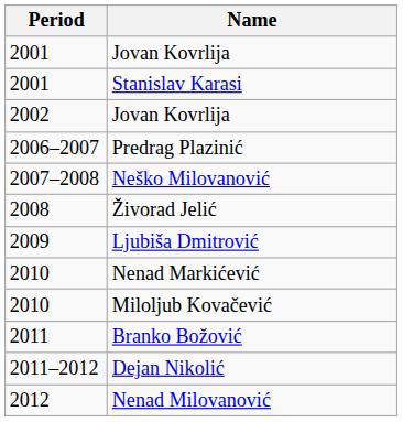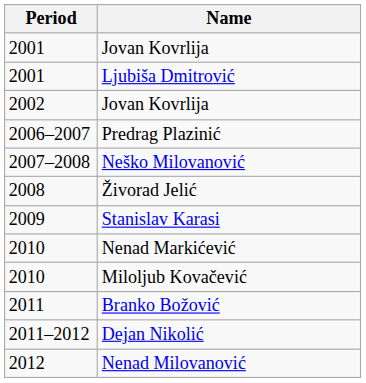 <table class="wikitable">
 <tr>
 <th width="75">Period</th>
 <th width="225">Name</th>
 </tr>
 <tr>
 <td>2001</td>
 <td> Jovan Kovrlija</td>
 </tr>
 <tr>
 <td>2001</td>
-<td> <a href='#'>Stanislav Karasi</a></td>
+<td> <a href='#'>Ljubiša Dmitrović</a></td>
 </tr>
 <tr>
 <td>2002</td>
 <td> Jovan Kovrlija</td>
 </tr>
 <tr>
 <td>2006–2007</td>
 <td> Predrag Plazinić</td>
 </tr>
 <tr>
 <td>2007–2008</td>
 <td> <a href='#'>Neško Milovanović</a></td>
 </tr>
 <tr>
 <td>2008</td>
 <td> Živorad Jelić</td>
 </tr>
 <tr>
 <td>2009</td>
-<td> <a href='#'>Ljubiša Dmitrović</a></td>
+<td> <a href='#'>Stanislav Karasi</a></td>
 </tr>
 <tr>
 <td>2010</td>
 <td> Nenad Markićević</td>
 </tr>
 <tr>
 <td>2010</td>
 <td> Miloljub Kovačević</td>
 </tr>
 <tr>
 <td>2011</td>
 <td> <a href='#'>Branko Božović</a></td>
 </tr>
 <tr>
 <td>2011–2012</td>
 <td> <a href='#'>Dejan Nikolić</a></td>
 </tr>
 <tr>
 <td>2012</td>
 <td> <a href='#'>Nenad Milovanović</a></td>
 </tr>
 </table>
